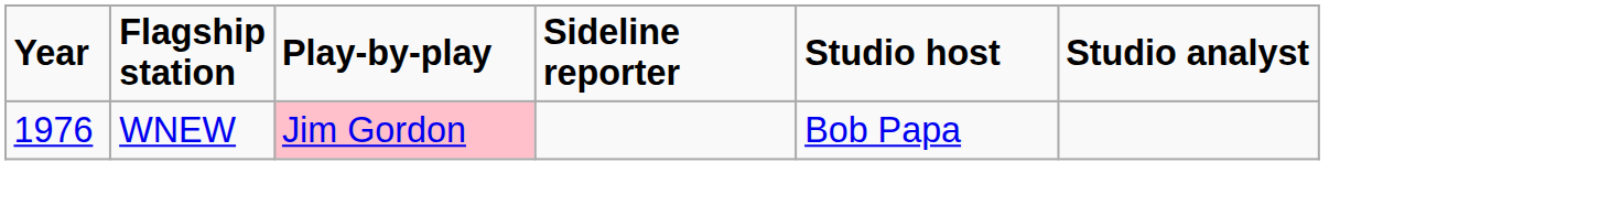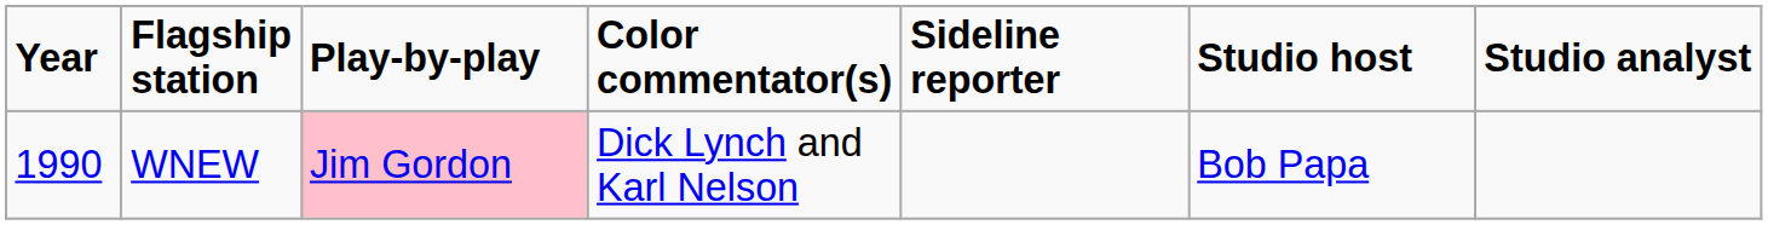 <table class="wikitable">
 <tr>
 <td width="40"><strong>Year</strong></td>
 <td width="40"><strong>Flagship station</strong></td>
 <td width="110"><strong>Play-by-play</strong></td>
+<td width="110"><strong>Color commentator(s)</strong></td>
 <td width="110"><strong>Sideline reporter</strong></td>
 <td width="110"><strong>Studio host</strong></td>
 <td width="110"><strong>Studio analyst</strong></td>
 </tr>
 <tr>
-<td><a href='#'>1976</a></td>
+<td><a href='#'>1990</a></td>
 <td><a href='#'>WNEW</a></td>
 <td style="background: pink;"><a href='#'>Jim Gordon</a></td>
+<td><a href='#'>Dick Lynch</a> and <a href='#'>Karl Nelson</a></td>
 <td></td>
 <td><a href='#'>Bob Papa</a></td>
 <td></td>
 </tr>
 </table>
